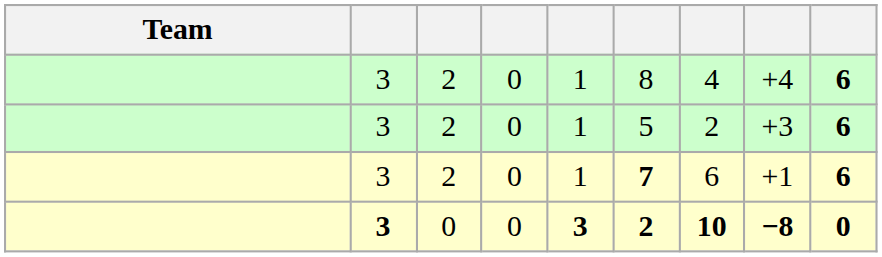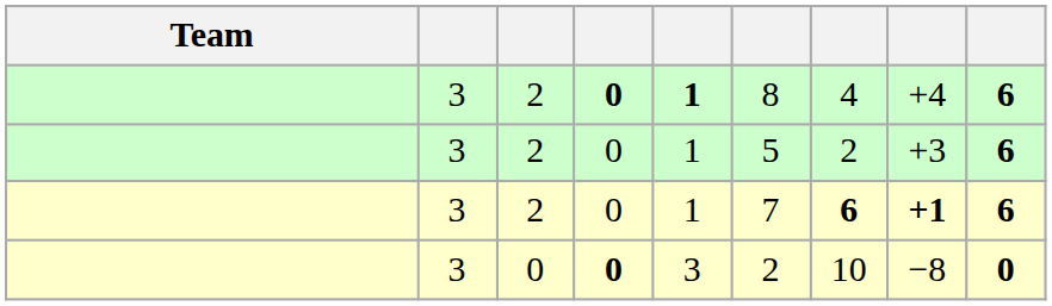 <table class="wikitable" style="text-align: center; font-size:90% ">
 <tr>
 <th width=160>Team</th>
 <th width=25></th>
 <th width=25></th>
 <th width=25></th>
 <th width=25></th>
 <th width=25></th>
 <th width=25></th>
 <th width=25></th>
 <th width=25></th>
 </tr>
 <tr bgcolor="ccffcc">
 <td align=left></td>
 <td>3</td>
 <td>2</td>
-<td>0</td>
-<td>1</td>
+<td><strong>0</strong></td>
+<td><strong>1</strong></td>
 <td>8</td>
 <td>4</td>
 <td>+4</td>
 <td><strong>6</strong></td>
 </tr>
 <tr bgcolor="ccffcc">
 <td align=left></td>
 <td>3</td>
 <td>2</td>
 <td>0</td>
 <td>1</td>
 <td>5</td>
 <td>2</td>
 <td>+3</td>
 <td><strong>6</strong></td>
 </tr>
 <tr bgcolor="ffffcc">
 <td align=left></td>
 <td>3</td>
 <td>2</td>
 <td>0</td>
 <td>1</td>
-<td><strong>7</strong></td>
-<td>6</td>
-<td>+1</td>
+<td>7</td>
+<td><strong>6</strong></td>
+<td><strong>+1</strong></td>
 <td><strong>6</strong></td>
 </tr>
 <tr bgcolor="ffffcc">
 <td align=left></td>
-<td><strong>3</strong></td>
+<td>3</td>
 <td>0</td>
-<td>0</td>
-<td><strong>3</strong></td>
-<td><strong>2</strong></td>
-<td><strong>10</strong></td>
-<td><strong>−8</strong></td>
+<td><strong>0</strong></td>
+<td>3</td>
+<td>2</td>
+<td>10</td>
+<td>−8</td>
 <td><strong>0</strong></td>
 </tr>
 </table>
